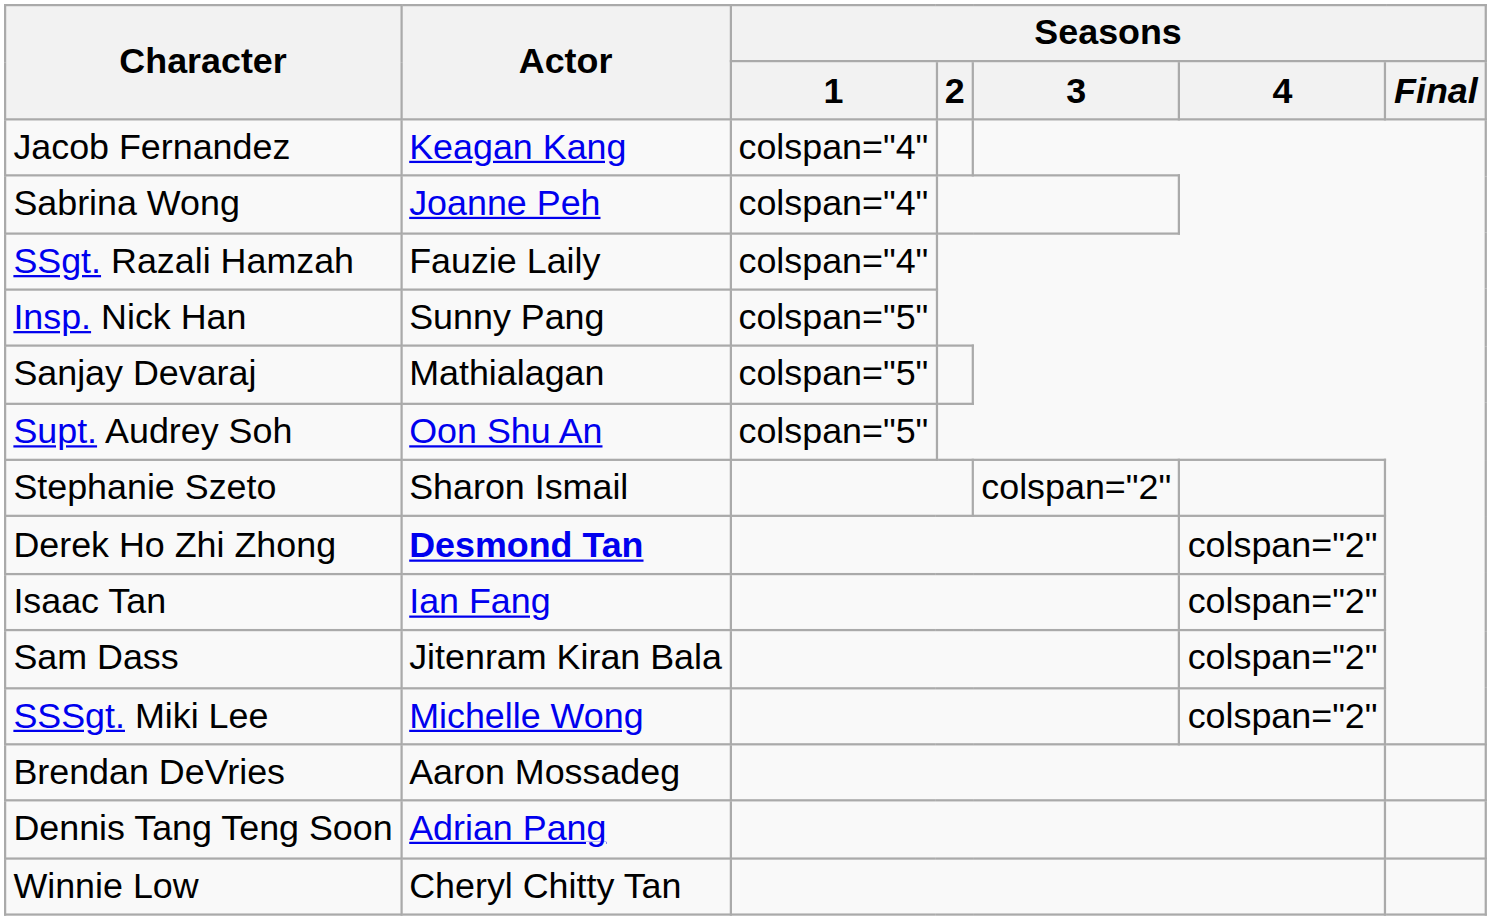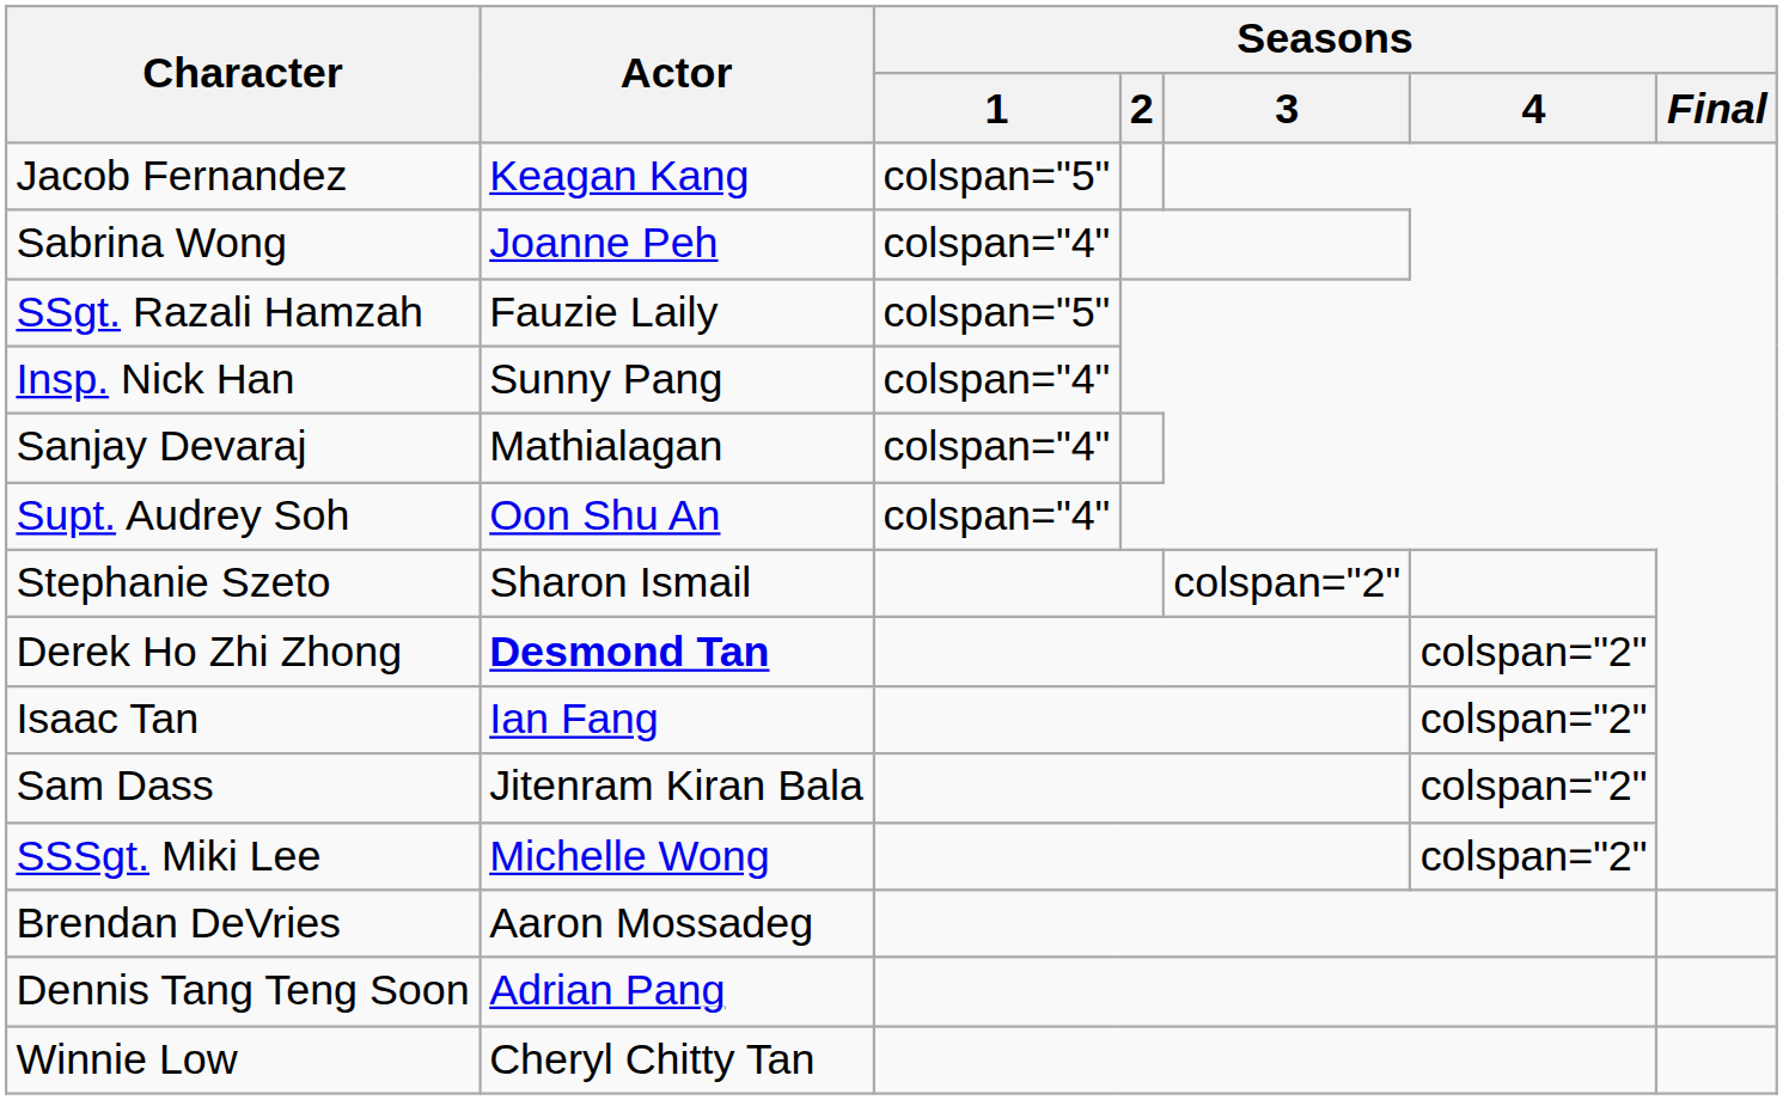 <table class="wikitable">
 <tr>
 <th rowspan="2">Character</th>
 <th rowspan="2">Actor</th>
 <th colspan="5">Seasons</th>
 </tr>
 <tr>
 <th>1</th>
 <th>2</th>
 <th>3</th>
 <th>4</th>
 <th><em>Final</em></th>
 </tr>
 <tr>
 <td>Jacob Fernandez</td>
 <td><a href='#'>Keagan Kang</a></td>
-<td>colspan="4" </td>
+<td>colspan="5" </td>
 <td></td>
 </tr>
 <tr>
 <td>Sabrina Wong</td>
 <td><a href='#'>Joanne Peh</a></td>
 <td>colspan="4" </td>
 <td colspan="2"></td>
 </tr>
 <tr>
 <td><a href='#'>SSgt.</a> Razali Hamzah</td>
 <td>Fauzie Laily</td>
-<td>colspan="4" </td>
+<td>colspan="5" </td>
 </tr>
 <tr>
 <td><a href='#'>Insp.</a> Nick Han</td>
 <td>Sunny Pang</td>
-<td>colspan="5" </td>
+<td>colspan="4" </td>
 </tr>
 <tr>
 <td>Sanjay Devaraj</td>
 <td>Mathialagan</td>
-<td>colspan="5" </td>
+<td>colspan="4" </td>
 <td></td>
 </tr>
 <tr>
 <td><a href='#'>Supt.</a> Audrey Soh</td>
 <td><a href='#'>Oon Shu An</a></td>
-<td>colspan="5" </td>
+<td>colspan="4" </td>
 </tr>
 <tr>
 <td>Stephanie Szeto</td>
 <td>Sharon Ismail</td>
 <td colspan="2"></td>
 <td>colspan="2" </td>
 <td></td>
 </tr>
 <tr>
 <td>Derek Ho Zhi Zhong</td>
 <td><strong><a href='#'>Desmond Tan</a></strong></td>
 <td colspan="3"></td>
 <td>colspan="2" </td>
 </tr>
 <tr>
 <td>Isaac Tan</td>
 <td><a href='#'>Ian Fang</a></td>
 <td colspan="3"></td>
 <td>colspan="2" </td>
 </tr>
 <tr>
 <td>Sam Dass</td>
 <td>Jitenram Kiran Bala</td>
 <td colspan="3"></td>
 <td>colspan="2" </td>
 </tr>
 <tr>
 <td><a href='#'>SSSgt.</a> Miki Lee</td>
 <td><a href='#'>Michelle Wong</a></td>
 <td colspan="3"></td>
 <td>colspan="2" </td>
 </tr>
 <tr>
 <td>Brendan DeVries</td>
 <td>Aaron Mossadeg</td>
 <td colspan="4"></td>
 <td></td>
 </tr>
 <tr>
 <td>Dennis Tang Teng Soon</td>
 <td><a href='#'>Adrian Pang</a></td>
 <td colspan="4"></td>
 <td></td>
 </tr>
 <tr>
 <td>Winnie Low</td>
 <td>Cheryl Chitty Tan</td>
 <td colspan="4"></td>
 <td></td>
 </tr>
 </table>
